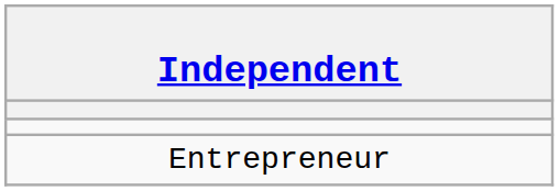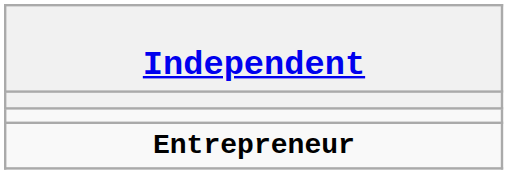 <table class="wikitable" style="font-size:90%; text-align:center;">
 <tr>
 <td style="background:#f1f1f1;" colspan="30"><br><big><strong><a href='#'>Independent</a></strong></big></td>
 </tr>
 <tr>
 <th style="width:3em; font-size:135%; background:DCDCDC ; width:200px;"><a href='#'></a></th>
 </tr>
 <tr>
 <td style="text-align:center"></td>
 </tr>
 <tr>
-<td>Entrepreneur</td>
+<td><strong>Entrepreneur</strong></td>
 </tr>
 </table>
